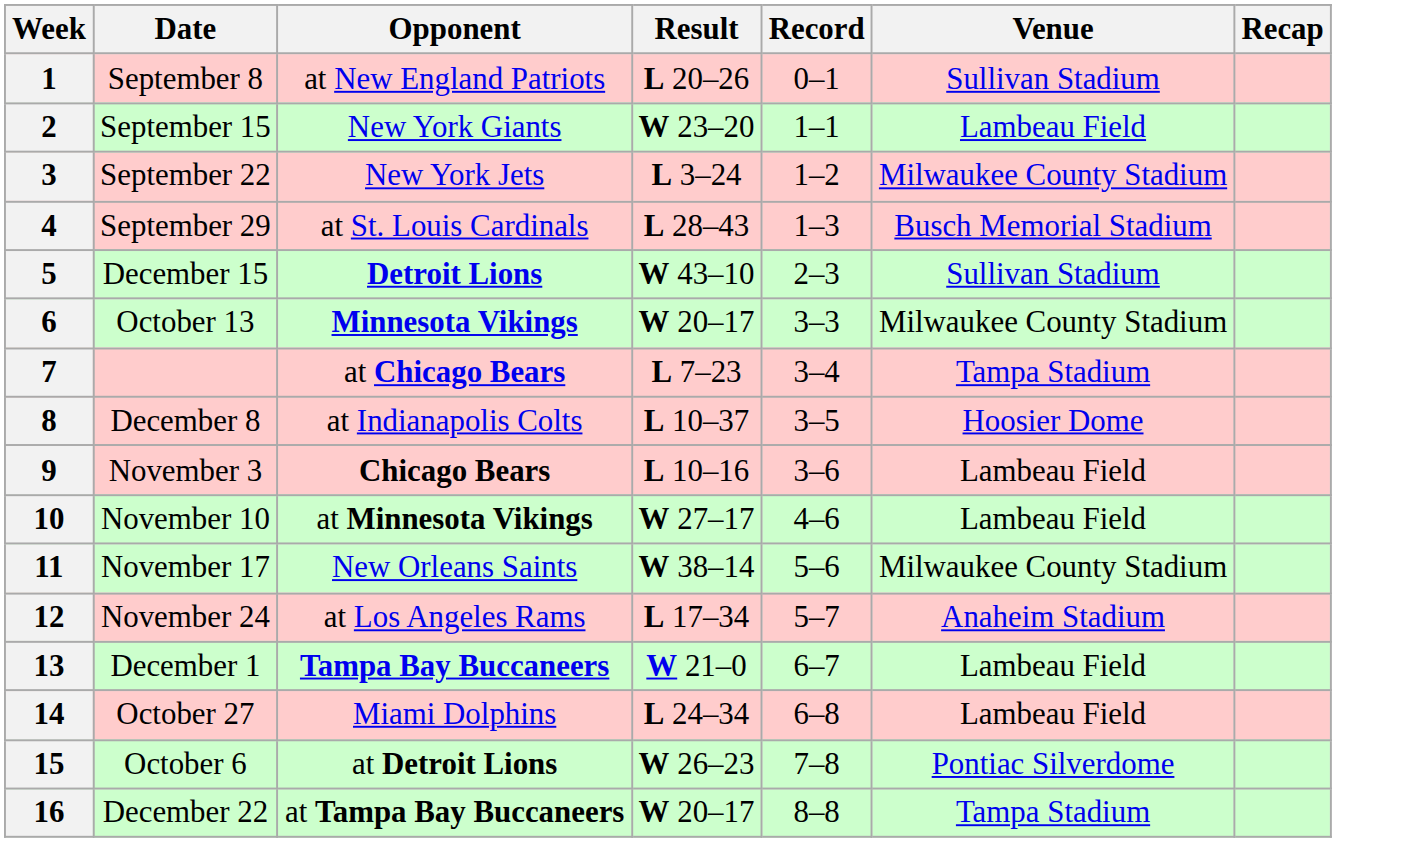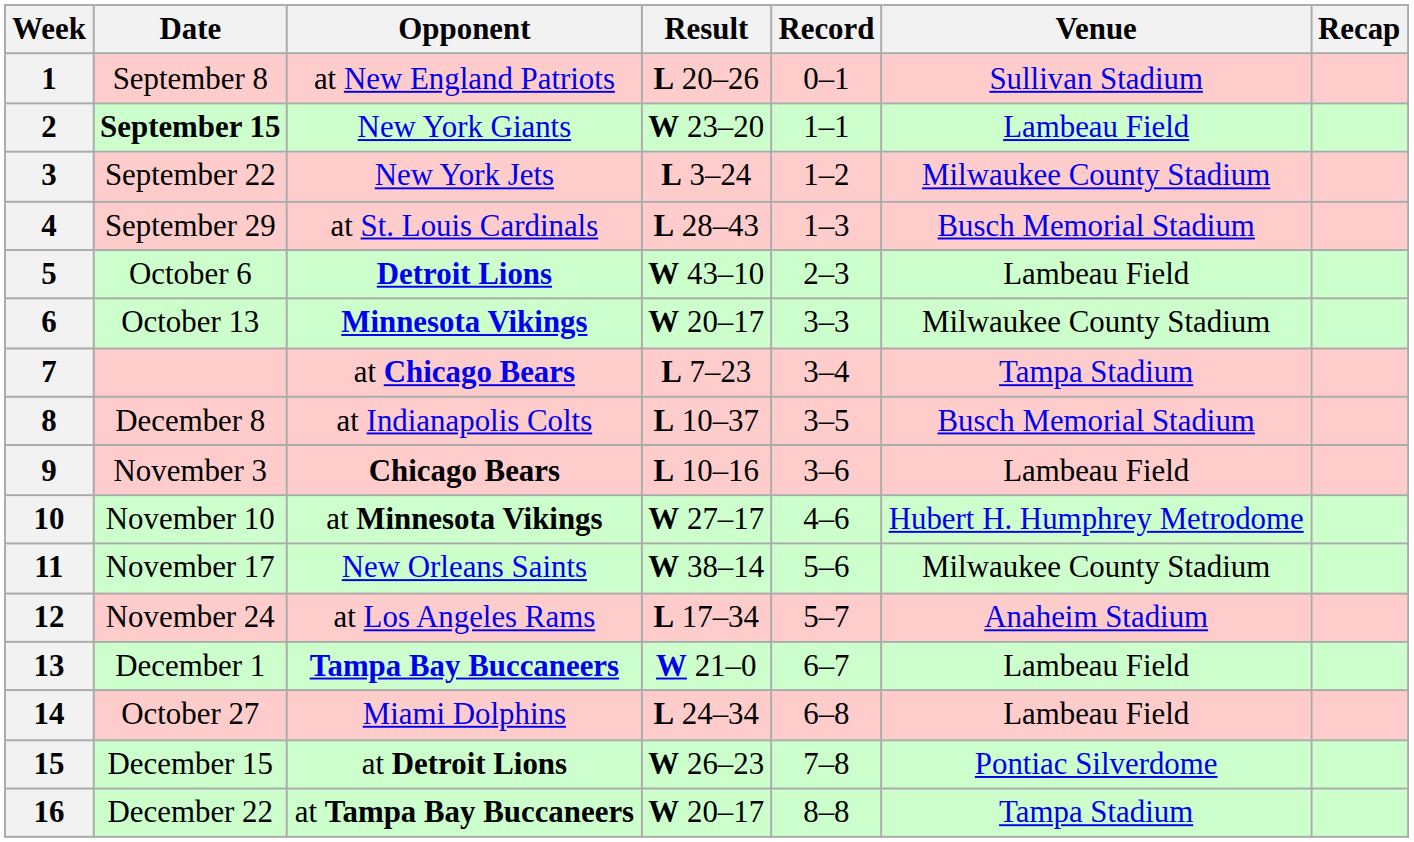 <table class="wikitable" style="text-align:center">
 <tr>
 <th>Week</th>
 <th>Date</th>
 <th>Opponent</th>
 <th>Result</th>
 <th>Record</th>
 <th>Venue</th>
 <th>Recap</th>
 </tr>
 <tr style="text-align:center; background:#fcc;">
 <th>1</th>
 <td>September 8</td>
 <td>at <a href='#'>New England Patriots</a></td>
 <td><strong>L</strong> 20–26</td>
 <td>0–1</td>
 <td><a href='#'>Sullivan Stadium</a></td>
 <td></td>
 </tr>
 <tr style="text-align:center; background:#cfc;">
 <th>2</th>
-<td>September 15</td>
+<td><strong>September 15</strong></td>
 <td><a href='#'>New York Giants</a></td>
 <td><strong>W</strong> 23–20</td>
 <td>1–1</td>
 <td><a href='#'>Lambeau Field</a></td>
 <td></td>
 </tr>
 <tr style="text-align:center; background:#fcc;">
 <th>3</th>
 <td>September 22</td>
 <td><a href='#'>New York Jets</a></td>
 <td><strong>L</strong> 3–24</td>
 <td>1–2</td>
 <td><a href='#'>Milwaukee County Stadium</a></td>
 <td></td>
 </tr>
 <tr style="text-align:center; background:#fcc;">
 <th>4</th>
 <td>September 29</td>
 <td>at <a href='#'>St. Louis Cardinals</a></td>
 <td><strong>L</strong> 28–43</td>
 <td>1–3</td>
 <td><a href='#'>Busch Memorial Stadium</a></td>
 <td></td>
 </tr>
 <tr style="text-align:center; background:#cfc;">
 <th>5</th>
-<td>December 15</td>
+<td>October 6</td>
 <td><strong><a href='#'>Detroit Lions</a></strong></td>
 <td><strong>W</strong> 43–10</td>
 <td>2–3</td>
-<td><a href='#'>Sullivan Stadium</a></td>
+<td>Lambeau Field</td>
 <td></td>
 </tr>
 <tr style="text-align:center; background:#cfc;">
 <th>6</th>
 <td>October 13</td>
 <td><strong><a href='#'>Minnesota Vikings</a></strong></td>
 <td><strong>W</strong> 20–17</td>
 <td>3–3</td>
 <td>Milwaukee County Stadium</td>
 <td></td>
 </tr>
 <tr style="text-align:center; background:#fcc;">
 <th>7</th>
 <td></td>
 <td>at <strong><a href='#'>Chicago Bears</a></strong></td>
 <td><strong>L</strong> 7–23</td>
 <td>3–4</td>
 <td><a href='#'>Tampa Stadium</a></td>
 <td></td>
 </tr>
 <tr style="text-align:center; background:#fcc;">
 <th>8</th>
 <td>December 8</td>
 <td>at <a href='#'>Indianapolis Colts</a></td>
 <td><strong>L</strong> 10–37</td>
 <td>3–5</td>
-<td><a href='#'>Hoosier Dome</a></td>
+<td><a href='#'>Busch Memorial Stadium</a></td>
 <td></td>
 </tr>
 <tr style="text-align:center; background:#fcc;">
 <th>9</th>
 <td>November 3</td>
 <td><strong>Chicago Bears</strong></td>
 <td><strong>L</strong> 10–16</td>
 <td>3–6</td>
 <td>Lambeau Field</td>
 <td></td>
 </tr>
 <tr style="text-align:center; background:#cfc;">
 <th>10</th>
 <td>November 10</td>
 <td>at <strong>Minnesota Vikings</strong></td>
 <td><strong>W</strong> 27–17</td>
 <td>4–6</td>
-<td>Lambeau Field</td>
+<td><a href='#'>Hubert H. Humphrey Metrodome</a></td>
 <td></td>
 </tr>
 <tr style="text-align:center; background:#cfc;">
 <th>11</th>
 <td>November 17</td>
 <td><a href='#'>New Orleans Saints</a></td>
 <td><strong>W</strong> 38–14</td>
 <td>5–6</td>
 <td>Milwaukee County Stadium</td>
 <td></td>
 </tr>
 <tr style="text-align:center; background:#fcc;">
 <th>12</th>
 <td>November 24</td>
 <td>at <a href='#'>Los Angeles Rams</a></td>
 <td><strong>L</strong> 17–34</td>
 <td>5–7</td>
 <td><a href='#'>Anaheim Stadium</a></td>
 <td></td>
 </tr>
 <tr style="text-align:center; background:#cfc;">
 <th>13</th>
 <td>December 1</td>
 <td><strong><a href='#'>Tampa Bay Buccaneers</a></strong></td>
 <td><a href='#'><strong>W</strong></a> 21–0</td>
 <td>6–7</td>
 <td>Lambeau Field</td>
 <td></td>
 </tr>
 <tr style="text-align:center; background:#fcc;">
 <th>14</th>
 <td>October 27</td>
 <td><a href='#'>Miami Dolphins</a></td>
 <td><strong>L</strong> 24–34</td>
 <td>6–8</td>
 <td>Lambeau Field</td>
 <td></td>
 </tr>
 <tr style="text-align:center; background:#cfc;">
 <th>15</th>
-<td>October 6</td>
+<td>December 15</td>
 <td>at <strong>Detroit Lions</strong></td>
 <td><strong>W</strong> 26–23</td>
 <td>7–8</td>
 <td><a href='#'>Pontiac Silverdome</a></td>
 <td></td>
 </tr>
 <tr style="text-align:center; background:#cfc;">
 <th>16</th>
 <td>December 22</td>
 <td>at <strong>Tampa Bay Buccaneers</strong></td>
 <td><strong>W</strong> 20–17</td>
 <td>8–8</td>
 <td><a href='#'>Tampa Stadium</a></td>
 <td></td>
 </tr>
 </table>
